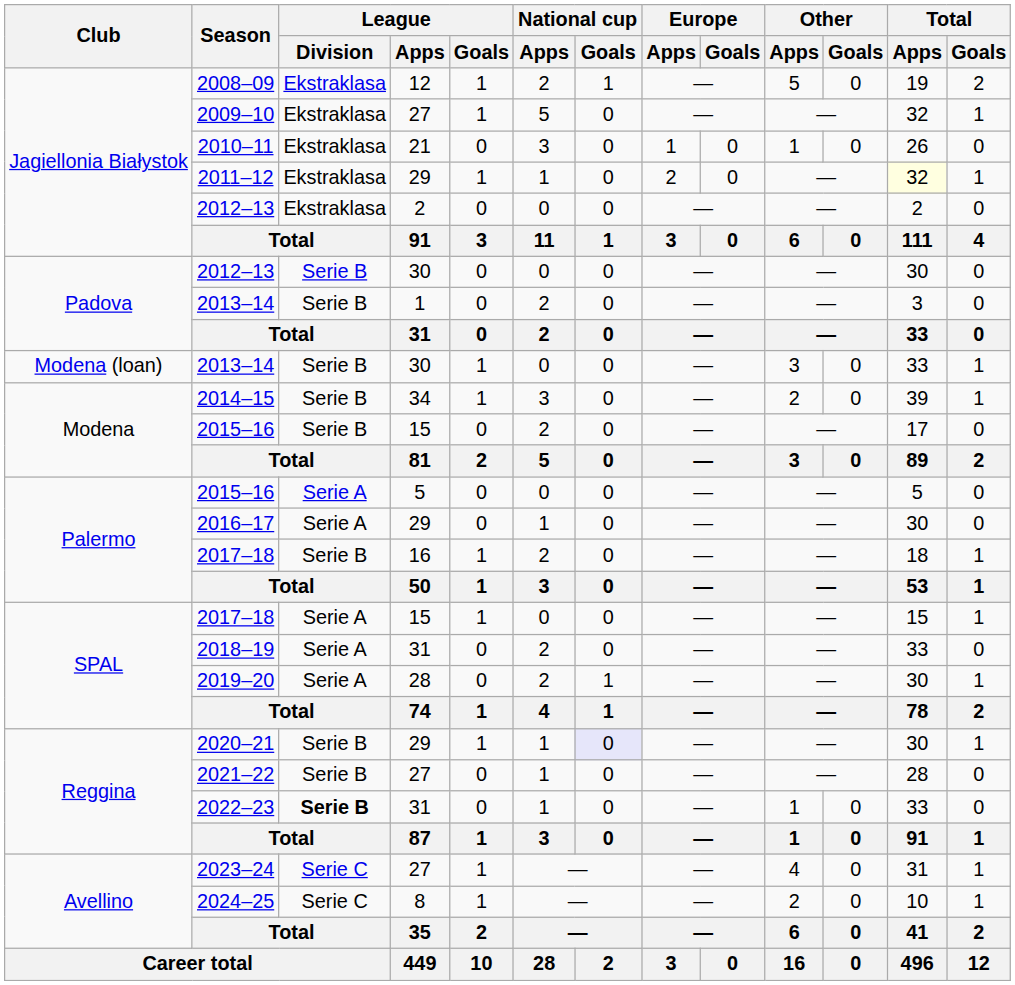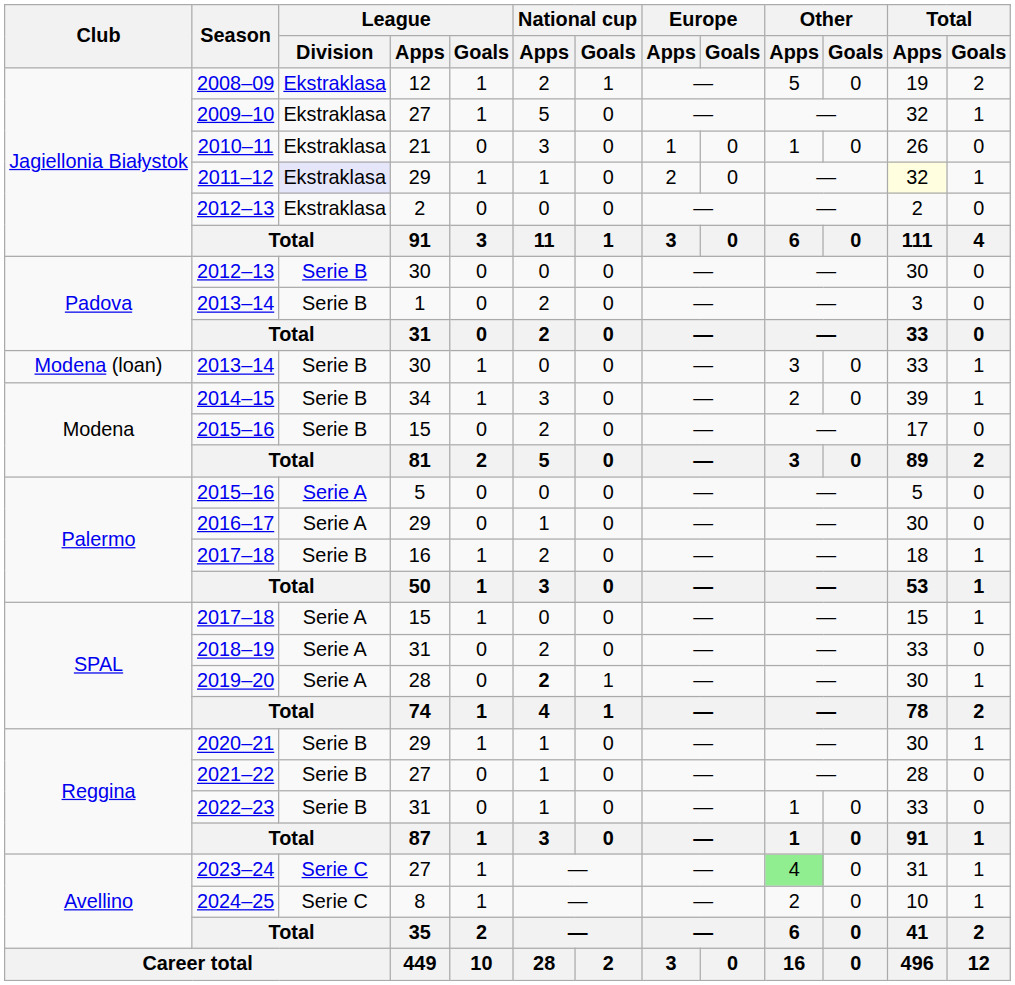 <table class="wikitable" style="text-align:center">
 <tr>
 <th rowspan="2">Club</th>
 <th rowspan="2">Season</th>
 <th colspan="3">League</th>
 <th colspan="2">National cup</th>
 <th colspan="2">Europe</th>
 <th colspan="2">Other</th>
 <th colspan="2">Total</th>
 </tr>
 <tr>
 <th>Division</th>
 <th>Apps</th>
 <th>Goals</th>
 <th>Apps</th>
 <th>Goals</th>
 <th>Apps</th>
 <th>Goals</th>
 <th>Apps</th>
 <th>Goals</th>
 <th>Apps</th>
 <th>Goals</th>
 </tr>
 <tr>
 <td rowspan="6"><a href='#'>Jagiellonia Białystok</a></td>
 <td><a href='#'>2008–09</a></td>
 <td><a href='#'>Ekstraklasa</a></td>
 <td>12</td>
 <td>1</td>
 <td>2</td>
 <td>1</td>
 <td colspan="2">—</td>
 <td>5</td>
 <td>0</td>
 <td>19</td>
 <td>2</td>
 </tr>
 <tr>
 <td><a href='#'>2009–10</a></td>
 <td>Ekstraklasa</td>
 <td>27</td>
 <td>1</td>
 <td>5</td>
 <td>0</td>
 <td colspan="2">—</td>
 <td colspan="2">—</td>
 <td>32</td>
 <td>1</td>
 </tr>
 <tr>
 <td><a href='#'>2010–11</a></td>
 <td>Ekstraklasa</td>
 <td>21</td>
 <td>0</td>
 <td>3</td>
 <td>0</td>
 <td>1</td>
 <td>0</td>
 <td>1</td>
 <td>0</td>
 <td>26</td>
 <td>0</td>
 </tr>
 <tr>
 <td><a href='#'>2011–12</a></td>
-<td>Ekstraklasa</td>
+<td style="background: lavender;">Ekstraklasa</td>
 <td>29</td>
 <td>1</td>
 <td>1</td>
 <td>0</td>
 <td>2</td>
 <td>0</td>
 <td colspan="2">—</td>
 <td style="background: lightyellow;">32</td>
 <td>1</td>
 </tr>
 <tr>
 <td><a href='#'>2012–13</a></td>
 <td>Ekstraklasa</td>
 <td>2</td>
 <td>0</td>
 <td>0</td>
 <td>0</td>
 <td colspan="2">—</td>
 <td colspan="2">—</td>
 <td>2</td>
 <td>0</td>
 </tr>
 <tr>
 <th colspan="2">Total</th>
 <th>91</th>
 <th>3</th>
 <th>11</th>
 <th>1</th>
 <th>3</th>
 <th>0</th>
 <th>6</th>
 <th>0</th>
 <th>111</th>
 <th>4</th>
 </tr>
 <tr>
 <td rowspan="3"><a href='#'>Padova</a></td>
 <td><a href='#'>2012–13</a></td>
 <td><a href='#'>Serie B</a></td>
 <td>30</td>
 <td>0</td>
 <td>0</td>
 <td>0</td>
 <td colspan="2">—</td>
 <td colspan="2">—</td>
 <td>30</td>
 <td>0</td>
 </tr>
 <tr>
 <td><a href='#'>2013–14</a></td>
 <td>Serie B</td>
 <td>1</td>
 <td>0</td>
 <td>2</td>
 <td>0</td>
 <td colspan="2">—</td>
 <td colspan="2">—</td>
 <td>3</td>
 <td>0</td>
 </tr>
 <tr>
 <th colspan="2">Total</th>
 <th>31</th>
 <th>0</th>
 <th>2</th>
 <th>0</th>
 <th colspan="2">—</th>
 <th colspan="2">—</th>
 <th>33</th>
 <th>0</th>
 </tr>
 <tr>
 <td><a href='#'>Modena</a> (loan)</td>
 <td><a href='#'>2013–14</a></td>
 <td>Serie B</td>
 <td>30</td>
 <td>1</td>
 <td>0</td>
 <td>0</td>
 <td colspan="2">—</td>
 <td>3</td>
 <td>0</td>
 <td>33</td>
 <td>1</td>
 </tr>
 <tr>
 <td rowspan="3">Modena</td>
 <td><a href='#'>2014–15</a></td>
 <td>Serie B</td>
 <td>34</td>
 <td>1</td>
 <td>3</td>
 <td>0</td>
 <td colspan="2">—</td>
 <td>2</td>
 <td>0</td>
 <td>39</td>
 <td>1</td>
 </tr>
 <tr>
 <td><a href='#'>2015–16</a></td>
 <td>Serie B</td>
 <td>15</td>
 <td>0</td>
 <td>2</td>
 <td>0</td>
 <td colspan="2">—</td>
 <td colspan="2">—</td>
 <td>17</td>
 <td>0</td>
 </tr>
 <tr>
 <th colspan="2">Total</th>
 <th>81</th>
 <th>2</th>
 <th>5</th>
 <th>0</th>
 <th colspan="2">—</th>
 <th>3</th>
 <th>0</th>
 <th>89</th>
 <th>2</th>
 </tr>
 <tr>
 <td rowspan="4"><a href='#'>Palermo</a></td>
 <td><a href='#'>2015–16</a></td>
 <td><a href='#'>Serie A</a></td>
 <td>5</td>
 <td>0</td>
 <td>0</td>
 <td>0</td>
 <td colspan="2">—</td>
 <td colspan="2">—</td>
 <td>5</td>
 <td>0</td>
 </tr>
 <tr>
 <td><a href='#'>2016–17</a></td>
 <td>Serie A</td>
 <td>29</td>
 <td>0</td>
 <td>1</td>
 <td>0</td>
 <td colspan="2">—</td>
 <td colspan="2">—</td>
 <td>30</td>
 <td>0</td>
 </tr>
 <tr>
 <td><a href='#'>2017–18</a></td>
 <td>Serie B</td>
 <td>16</td>
 <td>1</td>
 <td>2</td>
 <td>0</td>
 <td colspan="2">—</td>
 <td colspan="2">—</td>
 <td>18</td>
 <td>1</td>
 </tr>
 <tr>
 <th colspan="2">Total</th>
 <th>50</th>
 <th>1</th>
 <th>3</th>
 <th>0</th>
 <th colspan="2">—</th>
 <th colspan="2">—</th>
 <th>53</th>
 <th>1</th>
 </tr>
 <tr>
 <td rowspan="4"><a href='#'>SPAL</a></td>
 <td><a href='#'>2017–18</a></td>
 <td>Serie A</td>
 <td>15</td>
 <td>1</td>
 <td>0</td>
 <td>0</td>
 <td colspan="2">—</td>
 <td colspan="2">—</td>
 <td>15</td>
 <td>1</td>
 </tr>
 <tr>
 <td><a href='#'>2018–19</a></td>
 <td>Serie A</td>
 <td>31</td>
 <td>0</td>
 <td>2</td>
 <td>0</td>
 <td colspan="2">—</td>
 <td colspan="2">—</td>
 <td>33</td>
 <td>0</td>
 </tr>
 <tr>
 <td><a href='#'>2019–20</a></td>
 <td>Serie A</td>
 <td>28</td>
 <td>0</td>
-<td>2</td>
+<td><strong>2</strong></td>
 <td>1</td>
 <td colspan="2">—</td>
 <td colspan="2">—</td>
 <td>30</td>
 <td>1</td>
 </tr>
 <tr>
 <th colspan="2">Total</th>
 <th>74</th>
 <th>1</th>
 <th>4</th>
 <th>1</th>
 <th colspan="2">—</th>
 <th colspan="2">—</th>
 <th>78</th>
 <th>2</th>
 </tr>
 <tr>
 <td rowspan="4"><a href='#'>Reggina</a></td>
 <td><a href='#'>2020–21</a></td>
 <td>Serie B</td>
 <td>29</td>
 <td>1</td>
 <td>1</td>
-<td style="background: lavender;">0</td>
+<td>0</td>
 <td colspan="2">—</td>
 <td colspan="2">—</td>
 <td>30</td>
 <td>1</td>
 </tr>
 <tr>
 <td><a href='#'>2021–22</a></td>
 <td>Serie B</td>
 <td>27</td>
 <td>0</td>
 <td>1</td>
 <td>0</td>
 <td colspan="2">—</td>
 <td colspan="2">—</td>
 <td>28</td>
 <td>0</td>
 </tr>
 <tr>
 <td><a href='#'>2022–23</a></td>
-<td><strong>Serie B</strong></td>
+<td>Serie B</td>
 <td>31</td>
 <td>0</td>
 <td>1</td>
 <td>0</td>
 <td colspan="2">—</td>
 <td>1</td>
 <td>0</td>
 <td>33</td>
 <td>0</td>
 </tr>
 <tr>
 <th colspan="2">Total</th>
 <th>87</th>
 <th>1</th>
 <th>3</th>
 <th>0</th>
 <th colspan="2">—</th>
 <th>1</th>
 <th>0</th>
 <th>91</th>
 <th>1</th>
 </tr>
 <tr>
 <td rowspan="3"><a href='#'>Avellino</a></td>
 <td><a href='#'>2023–24</a></td>
 <td><a href='#'>Serie C</a></td>
 <td>27</td>
 <td>1</td>
 <td colspan="2">—</td>
 <td colspan="2">—</td>
-<td>4</td>
+<td style="background: lightgreen;">4</td>
 <td>0</td>
 <td>31</td>
 <td>1</td>
 </tr>
 <tr>
 <td><a href='#'>2024–25</a></td>
 <td>Serie C</td>
 <td>8</td>
 <td>1</td>
 <td colspan="2">—</td>
 <td colspan="2">—</td>
 <td>2</td>
 <td>0</td>
 <td>10</td>
 <td>1</td>
 </tr>
 <tr>
 <th colspan="2">Total</th>
 <th>35</th>
 <th>2</th>
 <th colspan="2">—</th>
 <th colspan="2">—</th>
 <th>6</th>
 <th>0</th>
 <th>41</th>
 <th>2</th>
 </tr>
 <tr>
 <th colspan="3">Career total</th>
 <th>449</th>
 <th>10</th>
 <th>28</th>
 <th>2</th>
 <th>3</th>
 <th>0</th>
 <th>16</th>
 <th>0</th>
 <th>496</th>
 <th>12</th>
 </tr>
 </table>
